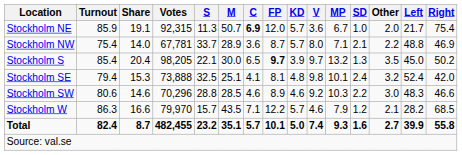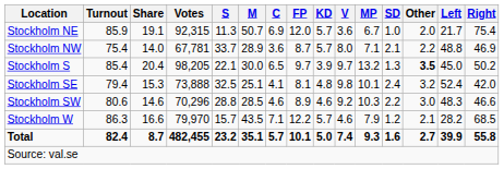 <table class="wikitable sortable" style=text-align:right>
 <tr>
 <th>Location</th>
 <th>Turnout</th>
 <th>Share</th>
 <th>Votes</th>
 <th><a href='#'>S</a></th>
 <th><a href='#'>M</a></th>
 <th><a href='#'>C</a></th>
 <th><a href='#'>FP</a></th>
 <th><a href='#'>KD</a></th>
 <th><a href='#'>V</a></th>
 <th><a href='#'>MP</a></th>
 <th><a href='#'>SD</a></th>
 <th>Other</th>
 <th><a href='#'>Left</a></th>
 <th><a href='#'>Right</a></th>
 </tr>
 <tr>
 <td align=left><a href='#'>Stockholm NE</a></td>
 <td>85.9</td>
 <td>19.1</td>
 <td>92,315</td>
 <td>11.3</td>
 <td>50.7</td>
-<td><strong>6.9</strong></td>
+<td>6.9</td>
 <td>12.0</td>
 <td>5.7</td>
 <td>3.6</td>
 <td>6.7</td>
 <td>1.0</td>
 <td>2.0</td>
 <td>21.7</td>
 <td>75.4</td>
 </tr>
 <tr>
 <td align=left><a href='#'>Stockholm NW</a></td>
 <td>75.4</td>
 <td>14.0</td>
 <td>67,781</td>
 <td>33.7</td>
 <td>28.9</td>
 <td>3.6</td>
 <td>8.7</td>
 <td>5.7</td>
 <td>8.0</td>
 <td>7.1</td>
 <td>2.1</td>
 <td>2.2</td>
 <td>48.8</td>
 <td>46.9</td>
 </tr>
 <tr>
 <td align=left><a href='#'>Stockholm S</a></td>
 <td>85.4</td>
 <td>20.4</td>
 <td>98,205</td>
 <td>22.1</td>
 <td>30.0</td>
 <td>6.5</td>
-<td><strong>9.7</strong></td>
+<td>9.7</td>
 <td>3.9</td>
 <td>9.7</td>
 <td>13.2</td>
 <td>1.3</td>
-<td>3.5</td>
+<td><strong>3.5</strong></td>
 <td>45.0</td>
 <td>50.2</td>
 </tr>
 <tr>
 <td align=left><a href='#'>Stockholm SE</a></td>
 <td>79.4</td>
 <td>15.3</td>
 <td>73,888</td>
 <td>32.5</td>
 <td>25.1</td>
 <td>4.1</td>
 <td>8.1</td>
 <td>4.8</td>
 <td>9.8</td>
 <td>10.1</td>
 <td>2.4</td>
 <td>3.2</td>
 <td>52.4</td>
 <td>42.0</td>
 </tr>
 <tr>
 <td align=left><a href='#'>Stockholm SW</a></td>
 <td>80.6</td>
 <td>14.6</td>
 <td>70,296</td>
 <td>28.8</td>
 <td>28.5</td>
 <td>4.6</td>
 <td>8.9</td>
 <td>4.6</td>
 <td>9.2</td>
 <td>10.3</td>
 <td>2.2</td>
 <td>3.0</td>
 <td>48.3</td>
 <td>46.6</td>
 </tr>
 <tr>
 <td align=left><a href='#'>Stockholm W</a></td>
 <td>86.3</td>
 <td>16.6</td>
 <td>79,970</td>
 <td>15.7</td>
 <td>43.5</td>
 <td>7.1</td>
 <td>12.2</td>
 <td>5.7</td>
 <td>4.6</td>
 <td>7.9</td>
 <td>1.2</td>
 <td>2.1</td>
 <td>28.2</td>
 <td>68.5</td>
 </tr>
 <tr>
 <td align=left><strong>Total</strong></td>
 <td><strong>82.4</strong></td>
 <td><strong>8.7</strong></td>
 <td><strong>482,455</strong></td>
 <td><strong>23.2</strong></td>
 <td><strong>35.1</strong></td>
 <td><strong>5.7</strong></td>
 <td><strong>10.1</strong></td>
 <td><strong>5.0</strong></td>
 <td><strong>7.4</strong></td>
 <td><strong>9.3</strong></td>
 <td><strong>1.6</strong></td>
 <td><strong>2.7</strong></td>
 <td><strong>39.9</strong></td>
 <td><strong>55.8</strong></td>
 </tr>
 <tr>
 <td align=left colspan=15>Source: val.se </td>
 </tr>
 </table>
